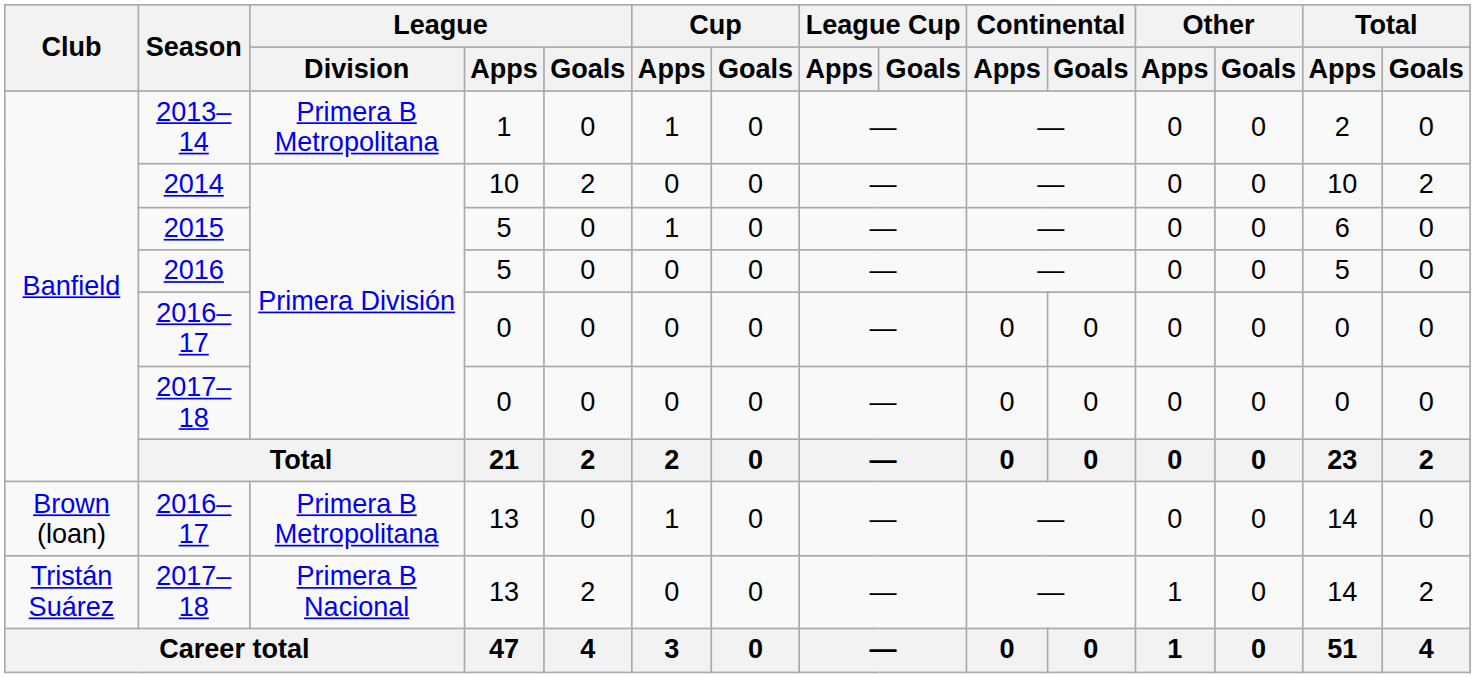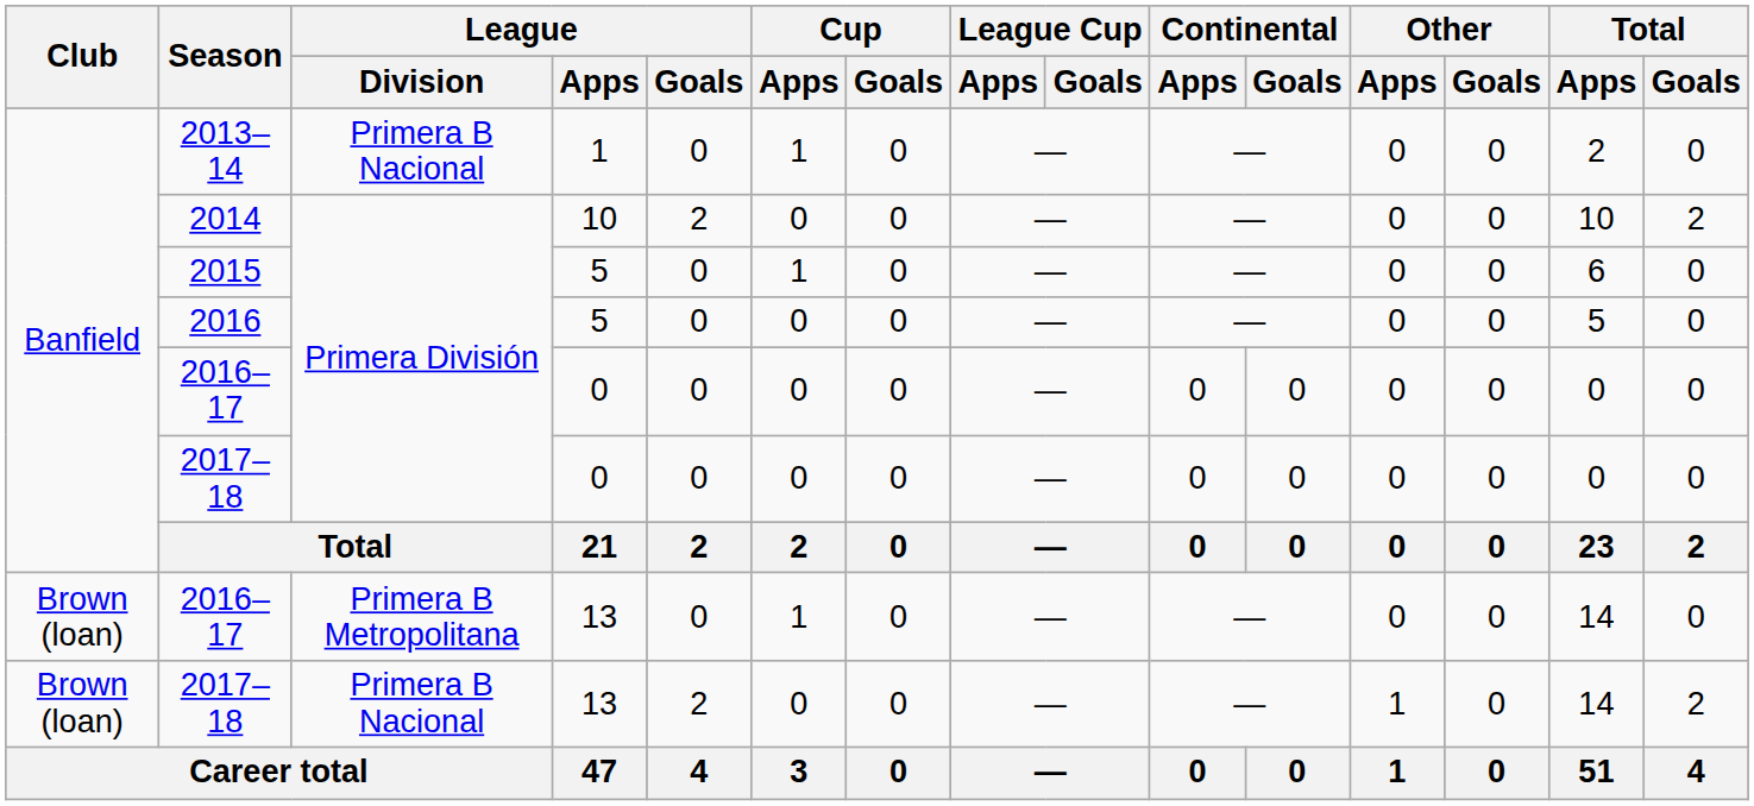 <table class="wikitable" style="text-align:center">
 <tr>
 <th rowspan="2">Club</th>
 <th rowspan="2">Season</th>
 <th colspan="3">League</th>
 <th colspan="2">Cup</th>
 <th colspan="2">League Cup</th>
 <th colspan="2">Continental</th>
 <th colspan="2">Other</th>
 <th colspan="2">Total</th>
 </tr>
 <tr>
 <th>Division</th>
 <th>Apps</th>
 <th>Goals</th>
 <th>Apps</th>
 <th>Goals</th>
 <th>Apps</th>
 <th>Goals</th>
 <th>Apps</th>
 <th>Goals</th>
 <th>Apps</th>
 <th>Goals</th>
 <th>Apps</th>
 <th>Goals</th>
 </tr>
 <tr>
 <td rowspan="7"><a href='#'>Banfield</a></td>
 <td><a href='#'>2013–14</a></td>
-<td rowspan="1"><a href='#'>Primera B Metropolitana</a></td>
+<td rowspan="1"><a href='#'>Primera B Nacional</a></td>
 <td>1</td>
 <td>0</td>
 <td>1</td>
 <td>0</td>
 <td colspan="2">—</td>
 <td colspan="2">—</td>
 <td>0</td>
 <td>0</td>
 <td>2</td>
 <td>0</td>
 </tr>
 <tr>
 <td><a href='#'>2014</a></td>
 <td rowspan="5"><a href='#'>Primera División</a></td>
 <td>10</td>
 <td>2</td>
 <td>0</td>
 <td>0</td>
 <td colspan="2">—</td>
 <td colspan="2">—</td>
 <td>0</td>
 <td>0</td>
 <td>10</td>
 <td>2</td>
 </tr>
 <tr>
 <td><a href='#'>2015</a></td>
 <td>5</td>
 <td>0</td>
 <td>1</td>
 <td>0</td>
 <td colspan="2">—</td>
 <td colspan="2">—</td>
 <td>0</td>
 <td>0</td>
 <td>6</td>
 <td>0</td>
 </tr>
 <tr>
 <td><a href='#'>2016</a></td>
 <td>5</td>
 <td>0</td>
 <td>0</td>
 <td>0</td>
 <td colspan="2">—</td>
 <td colspan="2">—</td>
 <td>0</td>
 <td>0</td>
 <td>5</td>
 <td>0</td>
 </tr>
 <tr>
 <td><a href='#'>2016–17</a></td>
 <td>0</td>
 <td>0</td>
 <td>0</td>
 <td>0</td>
 <td colspan="2">—</td>
 <td>0</td>
 <td>0</td>
 <td>0</td>
 <td>0</td>
 <td>0</td>
 <td>0</td>
 </tr>
 <tr>
 <td><a href='#'>2017–18</a></td>
 <td>0</td>
 <td>0</td>
 <td>0</td>
 <td>0</td>
 <td colspan="2">—</td>
 <td>0</td>
 <td>0</td>
 <td>0</td>
 <td>0</td>
 <td>0</td>
 <td>0</td>
 </tr>
 <tr>
 <th colspan="2">Total</th>
 <th>21</th>
 <th>2</th>
 <th>2</th>
 <th>0</th>
 <th colspan="2">—</th>
 <th>0</th>
 <th>0</th>
 <th>0</th>
 <th>0</th>
 <th>23</th>
 <th>2</th>
 </tr>
 <tr>
 <td rowspan="1"><a href='#'>Brown</a> (loan)</td>
 <td><a href='#'>2016–17</a></td>
 <td rowspan="1"><a href='#'>Primera B Metropolitana</a></td>
 <td>13</td>
 <td>0</td>
 <td>1</td>
 <td>0</td>
 <td colspan="2">—</td>
 <td colspan="2">—</td>
 <td>0</td>
 <td>0</td>
 <td>14</td>
 <td>0</td>
 </tr>
 <tr>
-<td rowspan="1"><a href='#'>Tristán Suárez</a></td>
+<td rowspan="1"><a href='#'>Brown</a> (loan)</td>
 <td><a href='#'>2017–18</a></td>
 <td rowspan="1"><a href='#'>Primera B Nacional</a></td>
 <td>13</td>
 <td>2</td>
 <td>0</td>
 <td>0</td>
 <td colspan="2">—</td>
 <td colspan="2">—</td>
 <td>1</td>
 <td>0</td>
 <td>14</td>
 <td>2</td>
 </tr>
 <tr>
 <th colspan="3">Career total</th>
 <th>47</th>
 <th>4</th>
 <th>3</th>
 <th>0</th>
 <th colspan="2">—</th>
 <th>0</th>
 <th>0</th>
 <th>1</th>
 <th>0</th>
 <th>51</th>
 <th>4</th>
 </tr>
 </table>
